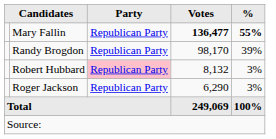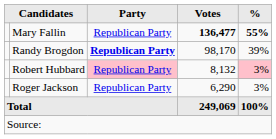 <table class=wikitable style="font-size:95%; text-align:right;">
 <tr>
 <th style="background:#e9e9e9; text-align:center;" colspan="2">Candidates</th>
 <th style="background:#e9e9e9; text-align:center;">Party</th>
 <th style="background:#e9e9e9; text-align:center;">Votes</th>
 <th style="background:#e9e9e9; text-align:center;">%</th>
 </tr>
 <tr>
 <td></td>
 <td align=left>Mary Fallin</td>
 <td align=center><a href='#'>Republican Party</a></td>
 <td><strong>136,477</strong></td>
 <td><strong>55%</strong></td>
 </tr>
 <tr>
 <td></td>
 <td align=left>Randy Brogdon</td>
-<td align=center><a href='#'>Republican Party</a></td>
+<td align=center><strong><a href='#'>Republican Party</a></strong></td>
 <td>98,170</td>
 <td>39%</td>
 </tr>
 <tr>
 <td></td>
 <td align=left>Robert Hubbard</td>
 <td align=center style="background: pink;"><a href='#'>Republican Party</a></td>
 <td>8,132</td>
-<td>3%</td>
+<td style="background: pink;">3%</td>
 </tr>
 <tr>
 <td></td>
 <td align=left>Roger Jackson</td>
 <td align=center><a href='#'>Republican Party</a></td>
 <td>6,290</td>
 <td>3%</td>
 </tr>
 <tr style="background:#e9e9e9;">
 <td colspan="3" style="text-align:left; "><strong>Total</strong></td>
 <td style="text-align:right; width:75px; "><strong>249,069</strong></td>
 <td style="text-align:right; width:30px; "><strong>100%</strong></td>
 </tr>
 <tr>
 <td style="text-align:left;" colspan="6">Source:  </td>
 </tr>
 </table>
